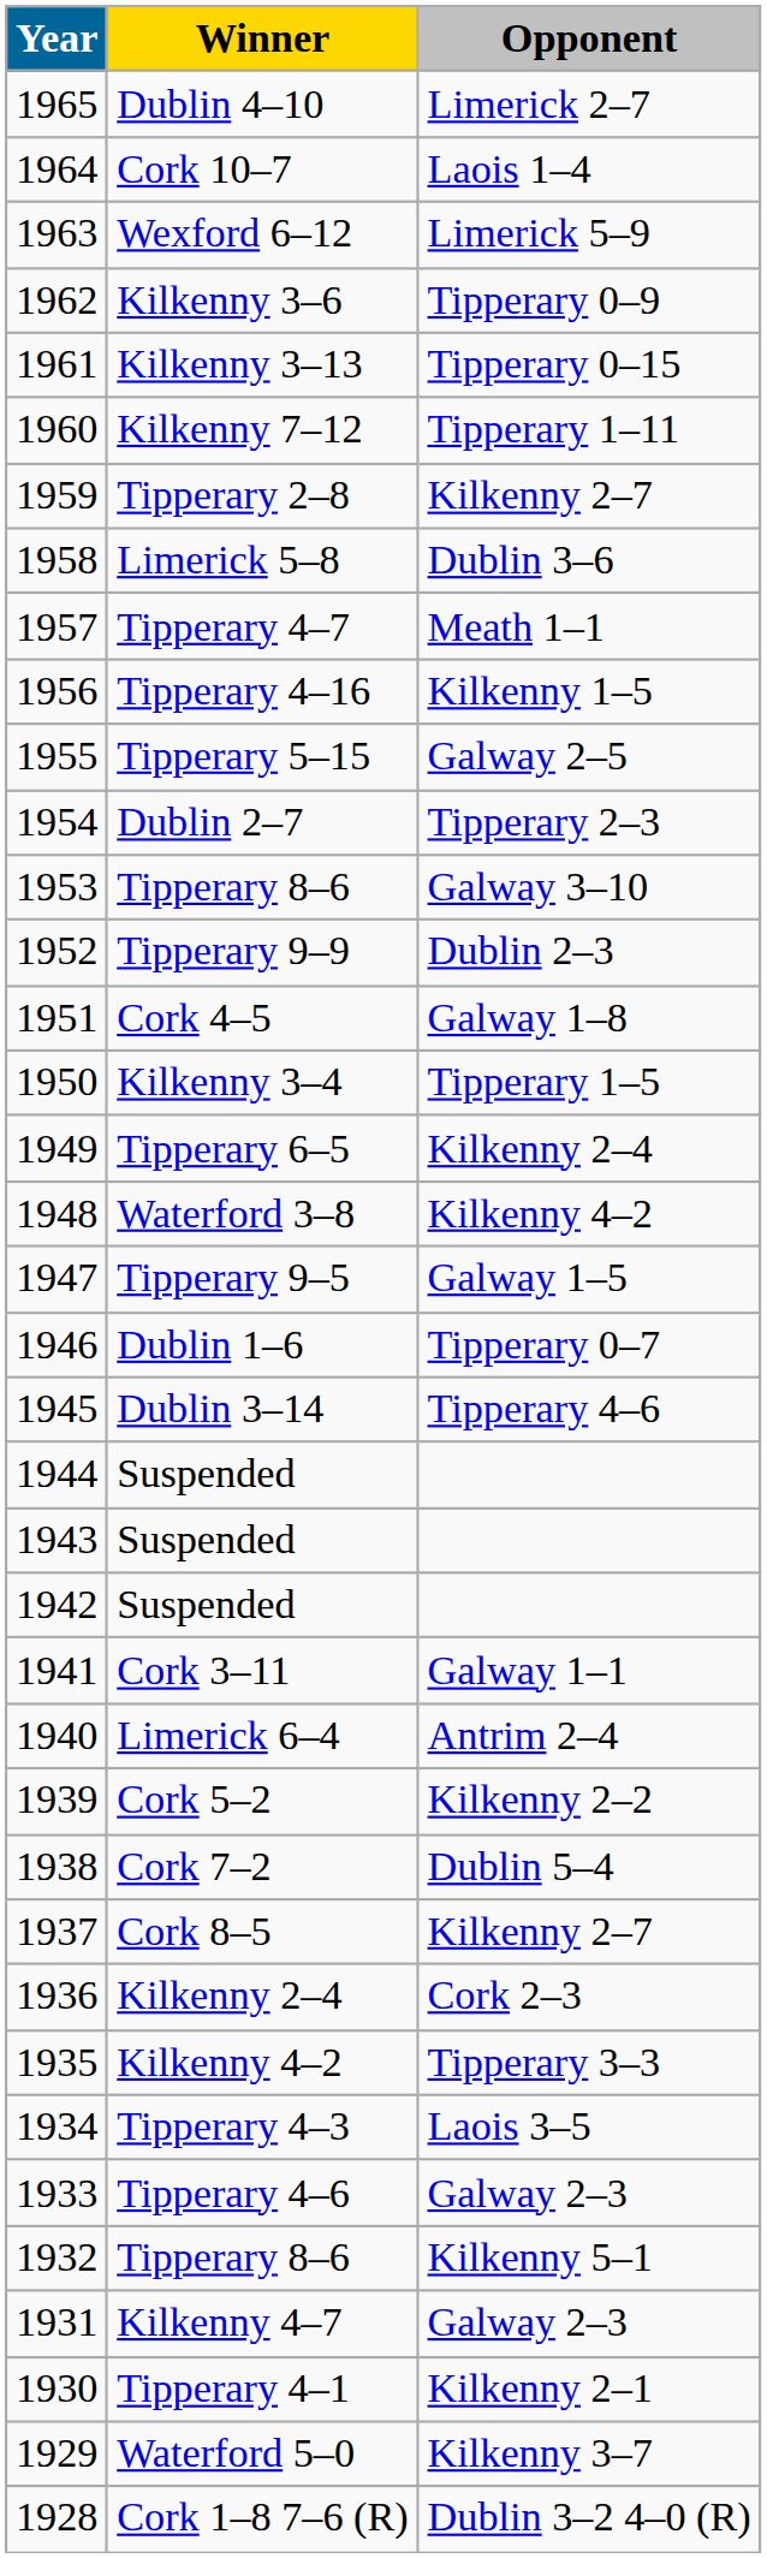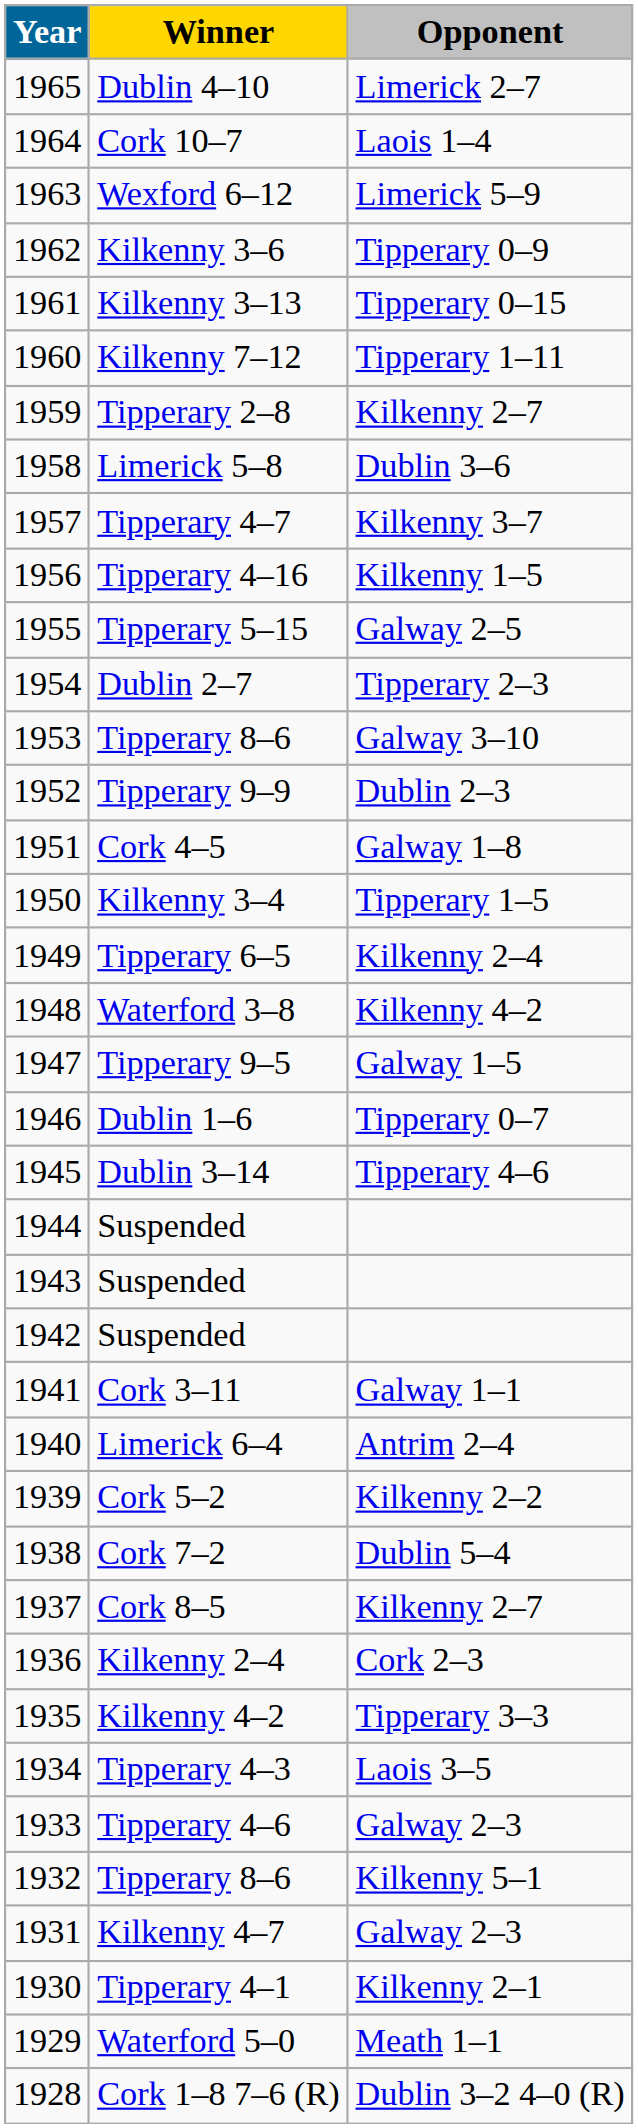 <table class="wikitable">
 <tr>
 <th style="background:#069; color:white;">Year</th>
 <th style="background:gold;">Winner</th>
 <th style="background:silver;">Opponent</th>
 </tr>
 <tr>
 <td>1965</td>
 <td><a href='#'>Dublin</a> 4–10</td>
 <td><a href='#'>Limerick</a> 2–7</td>
 </tr>
 <tr>
 <td>1964</td>
 <td><a href='#'>Cork</a> 10–7</td>
 <td><a href='#'>Laois</a> 1–4</td>
 </tr>
 <tr>
 <td>1963</td>
 <td><a href='#'>Wexford</a> 6–12</td>
 <td><a href='#'>Limerick</a> 5–9</td>
 </tr>
 <tr>
 <td>1962</td>
 <td><a href='#'>Kilkenny</a> 3–6</td>
 <td><a href='#'>Tipperary</a> 0–9</td>
 </tr>
 <tr>
 <td>1961</td>
 <td><a href='#'>Kilkenny</a> 3–13</td>
 <td><a href='#'>Tipperary</a> 0–15</td>
 </tr>
 <tr>
 <td>1960</td>
 <td><a href='#'>Kilkenny</a> 7–12</td>
 <td><a href='#'>Tipperary</a> 1–11</td>
 </tr>
 <tr>
 <td>1959</td>
 <td><a href='#'>Tipperary</a> 2–8</td>
 <td><a href='#'>Kilkenny</a> 2–7</td>
 </tr>
 <tr>
 <td>1958</td>
 <td><a href='#'>Limerick</a> 5–8</td>
 <td><a href='#'>Dublin</a> 3–6</td>
 </tr>
 <tr>
 <td>1957</td>
 <td><a href='#'>Tipperary</a> 4–7</td>
-<td><a href='#'>Meath</a> 1–1</td>
+<td><a href='#'>Kilkenny</a> 3–7</td>
 </tr>
 <tr>
 <td>1956</td>
 <td><a href='#'>Tipperary</a> 4–16</td>
 <td><a href='#'>Kilkenny</a> 1–5</td>
 </tr>
 <tr>
 <td>1955</td>
 <td><a href='#'>Tipperary</a> 5–15</td>
 <td><a href='#'>Galway</a> 2–5</td>
 </tr>
 <tr>
 <td>1954</td>
 <td><a href='#'>Dublin</a> 2–7</td>
 <td><a href='#'>Tipperary</a> 2–3</td>
 </tr>
 <tr>
 <td>1953</td>
 <td><a href='#'>Tipperary</a> 8–6</td>
 <td><a href='#'>Galway</a> 3–10</td>
 </tr>
 <tr>
 <td>1952</td>
 <td><a href='#'>Tipperary</a> 9–9</td>
 <td><a href='#'>Dublin</a> 2–3</td>
 </tr>
 <tr>
 <td>1951</td>
 <td><a href='#'>Cork</a> 4–5</td>
 <td><a href='#'>Galway</a> 1–8</td>
 </tr>
 <tr>
 <td>1950</td>
 <td><a href='#'>Kilkenny</a> 3–4</td>
 <td><a href='#'>Tipperary</a> 1–5</td>
 </tr>
 <tr>
 <td>1949</td>
 <td><a href='#'>Tipperary</a> 6–5</td>
 <td><a href='#'>Kilkenny</a> 2–4</td>
 </tr>
 <tr>
 <td>1948</td>
 <td><a href='#'>Waterford</a> 3–8</td>
 <td><a href='#'>Kilkenny</a> 4–2</td>
 </tr>
 <tr>
 <td>1947</td>
 <td><a href='#'>Tipperary</a> 9–5</td>
 <td><a href='#'>Galway</a> 1–5</td>
 </tr>
 <tr>
 <td>1946</td>
 <td><a href='#'>Dublin</a> 1–6</td>
 <td><a href='#'>Tipperary</a> 0–7</td>
 </tr>
 <tr>
 <td>1945</td>
 <td><a href='#'>Dublin</a> 3–14</td>
 <td><a href='#'>Tipperary</a> 4–6</td>
 </tr>
 <tr>
 <td>1944</td>
 <td>Suspended</td>
 <td></td>
 </tr>
 <tr>
 <td>1943</td>
 <td>Suspended</td>
 <td></td>
 </tr>
 <tr>
 <td>1942</td>
 <td>Suspended</td>
 <td></td>
 </tr>
 <tr>
 <td>1941</td>
 <td><a href='#'>Cork</a> 3–11</td>
 <td><a href='#'>Galway</a> 1–1</td>
 </tr>
 <tr>
 <td>1940</td>
 <td><a href='#'>Limerick</a> 6–4</td>
 <td><a href='#'>Antrim</a> 2–4</td>
 </tr>
 <tr>
 <td>1939</td>
 <td><a href='#'>Cork</a> 5–2</td>
 <td><a href='#'>Kilkenny</a> 2–2</td>
 </tr>
 <tr>
 <td>1938</td>
 <td><a href='#'>Cork</a> 7–2</td>
 <td><a href='#'>Dublin</a> 5–4</td>
 </tr>
 <tr>
 <td>1937</td>
 <td><a href='#'>Cork</a> 8–5</td>
 <td><a href='#'>Kilkenny</a> 2–7</td>
 </tr>
 <tr>
 <td>1936</td>
 <td><a href='#'>Kilkenny</a> 2–4</td>
 <td><a href='#'>Cork</a> 2–3</td>
 </tr>
 <tr>
 <td>1935</td>
 <td><a href='#'>Kilkenny</a> 4–2</td>
 <td><a href='#'>Tipperary</a> 3–3</td>
 </tr>
 <tr>
 <td>1934</td>
 <td><a href='#'>Tipperary</a> 4–3</td>
 <td><a href='#'>Laois</a> 3–5</td>
 </tr>
 <tr>
 <td>1933</td>
 <td><a href='#'>Tipperary</a> 4–6</td>
 <td><a href='#'>Galway</a> 2–3</td>
 </tr>
 <tr>
 <td>1932</td>
 <td><a href='#'>Tipperary</a> 8–6</td>
 <td><a href='#'>Kilkenny</a> 5–1</td>
 </tr>
 <tr>
 <td>1931</td>
 <td><a href='#'>Kilkenny</a> 4–7</td>
 <td><a href='#'>Galway</a> 2–3</td>
 </tr>
 <tr>
 <td>1930</td>
 <td><a href='#'>Tipperary</a> 4–1</td>
 <td><a href='#'>Kilkenny</a> 2–1</td>
 </tr>
 <tr>
 <td>1929</td>
 <td><a href='#'>Waterford</a> 5–0</td>
-<td><a href='#'>Kilkenny</a> 3–7</td>
+<td><a href='#'>Meath</a> 1–1</td>
 </tr>
 <tr>
 <td>1928</td>
 <td><a href='#'>Cork</a> 1–8 7–6 (R)</td>
 <td><a href='#'>Dublin</a> 3–2 4–0 (R)</td>
 </tr>
 </table>
